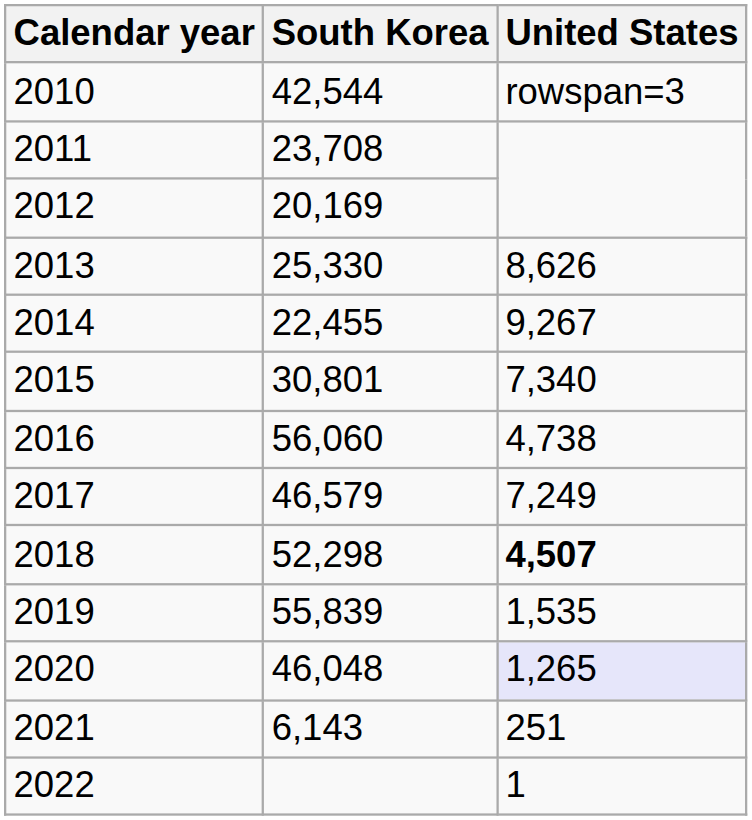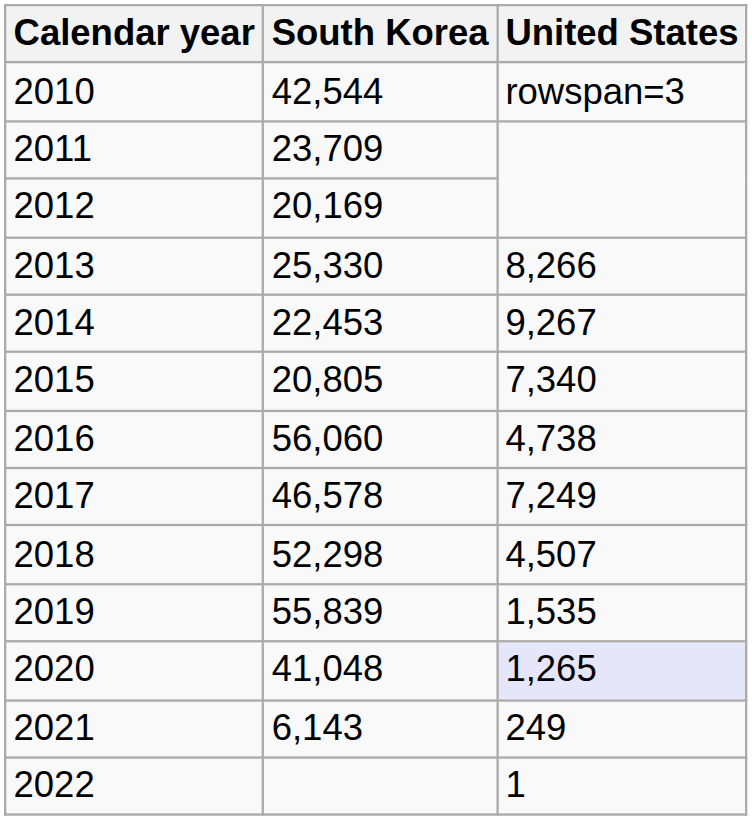 <table class="wikitable">
 <tr>
 <th>Calendar year</th>
 <th>South Korea</th>
 <th>United States</th>
 </tr>
 <tr>
 <td>2010</td>
 <td>42,544</td>
 <td>rowspan=3 </td>
 </tr>
 <tr>
 <td>2011</td>
-<td>23,708</td>
+<td>23,709</td>
 </tr>
 <tr>
 <td>2012</td>
 <td>20,169</td>
 </tr>
 <tr>
 <td>2013</td>
 <td>25,330</td>
-<td>8,626</td>
+<td>8,266</td>
 </tr>
 <tr>
 <td>2014</td>
-<td>22,455</td>
+<td>22,453</td>
 <td>9,267</td>
 </tr>
 <tr>
 <td>2015</td>
-<td>30,801</td>
+<td>20,805</td>
 <td>7,340</td>
 </tr>
 <tr>
 <td>2016</td>
 <td>56,060</td>
 <td>4,738</td>
 </tr>
 <tr>
 <td>2017</td>
-<td>46,579</td>
+<td>46,578</td>
 <td>7,249</td>
 </tr>
 <tr>
 <td>2018</td>
 <td>52,298</td>
-<td><strong>4,507</strong></td>
+<td>4,507</td>
 </tr>
 <tr>
 <td>2019</td>
 <td>55,839</td>
 <td>1,535</td>
 </tr>
 <tr>
 <td>2020</td>
-<td>46,048</td>
+<td>41,048</td>
 <td style="background: lavender;">1,265</td>
 </tr>
 <tr>
 <td>2021</td>
 <td>6,143</td>
-<td>251</td>
+<td>249</td>
 </tr>
 <tr>
 <td>2022</td>
 <td></td>
 <td>1</td>
 </tr>
 </table>
